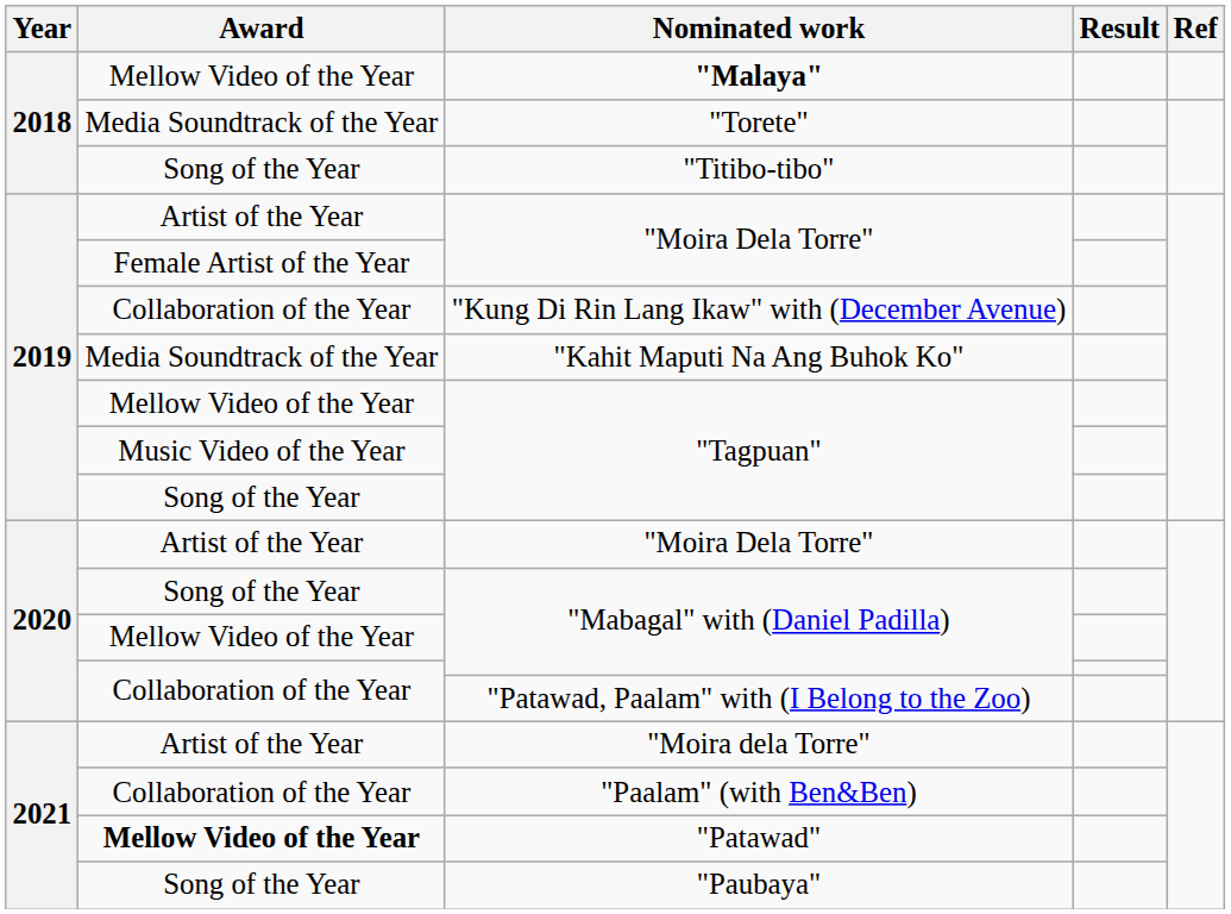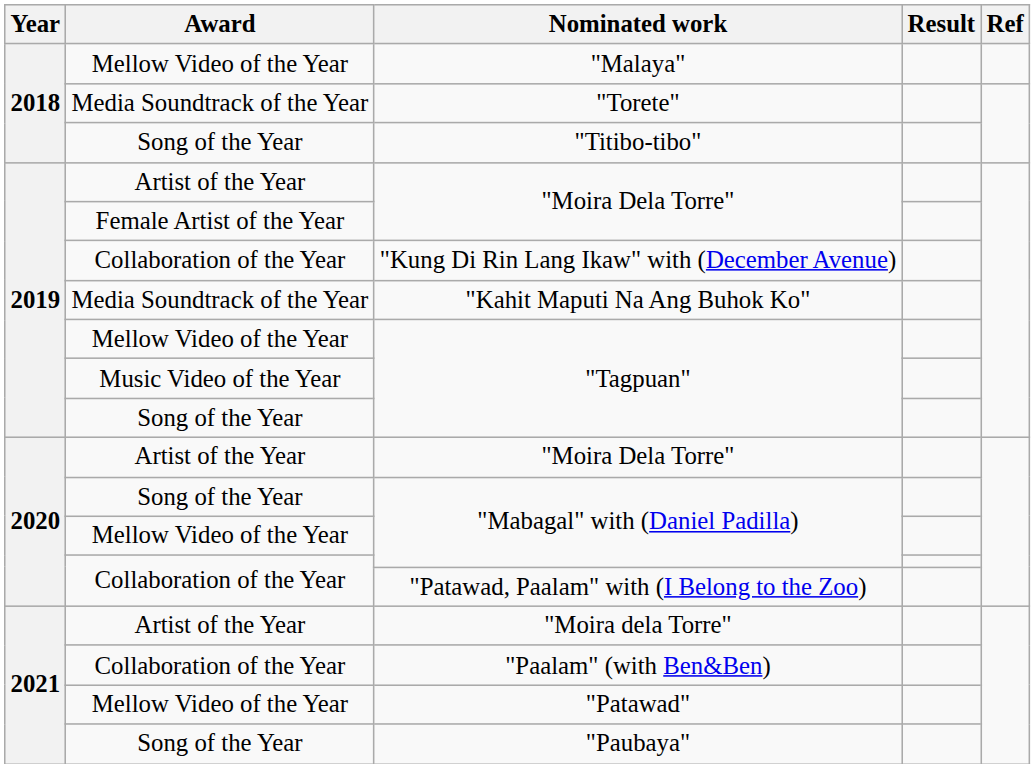 <table class="wikitable sortable" style=text-align:center>
 <tr>
 <th>Year</th>
 <th>Award</th>
 <th>Nominated work</th>
 <th>Result</th>
 <th>Ref</th>
 </tr>
 <tr>
 <th rowspan="3">2018</th>
 <td>Mellow Video of the Year</td>
-<td align=center><strong>"Malaya"</strong></td>
+<td align=center>"Malaya"</td>
 <td></td>
 <td></td>
 </tr>
 <tr>
 <td>Media Soundtrack of the Year</td>
 <td align=center>"Torete"</td>
 <td></td>
 <td rowspan="2"></td>
 </tr>
 <tr>
 <td>Song of the Year</td>
 <td align=center>"Titibo-tibo"</td>
 <td></td>
 </tr>
 <tr>
 <th rowspan="7">2019</th>
 <td>Artist of the Year</td>
 <td align=center rowspan="2">"Moira Dela Torre"</td>
 <td></td>
 <td rowspan="7"></td>
 </tr>
 <tr>
 <td>Female Artist of the Year</td>
 <td></td>
 </tr>
 <tr>
 <td>Collaboration of the Year</td>
 <td align=center>"Kung Di Rin Lang Ikaw" with (<a href='#'>December Avenue</a>)</td>
 <td></td>
 </tr>
 <tr>
 <td>Media Soundtrack of the Year</td>
 <td align=center>"Kahit Maputi Na Ang Buhok Ko"</td>
 <td></td>
 </tr>
 <tr>
 <td>Mellow Video of the Year</td>
 <td align=center rowspan="3">"Tagpuan"</td>
 <td></td>
 </tr>
 <tr>
 <td>Music Video of the Year</td>
 <td></td>
 </tr>
 <tr>
 <td>Song of the Year</td>
 <td></td>
 </tr>
 <tr>
 <th rowspan="5">2020</th>
 <td>Artist of the Year</td>
 <td align=center>"Moira Dela Torre"</td>
 <td></td>
 <td rowspan="5"></td>
 </tr>
 <tr>
 <td>Song of the Year</td>
 <td align=center rowspan="3">"Mabagal" with (<a href='#'>Daniel Padilla</a>)</td>
 <td></td>
 </tr>
 <tr>
 <td>Mellow Video of the Year</td>
 <td></td>
 </tr>
 <tr>
 <td rowspan="2">Collaboration of the Year</td>
 <td></td>
 </tr>
 <tr>
 <td align=center>"Patawad, Paalam" with (<a href='#'>I Belong to the Zoo</a>)</td>
 <td></td>
 </tr>
 <tr>
 <th rowspan="4">2021</th>
 <td>Artist of the Year</td>
 <td align=center>"Moira dela Torre"</td>
 <td></td>
 <td rowspan="4"></td>
 </tr>
 <tr>
 <td>Collaboration of the Year</td>
 <td align=center>"Paalam" (with <a href='#'>Ben&Ben</a>)</td>
 <td></td>
 </tr>
 <tr>
-<td><strong>Mellow Video of the Year</strong></td>
+<td>Mellow Video of the Year</td>
 <td align=center>"Patawad"</td>
 <td></td>
 </tr>
 <tr>
 <td>Song of the Year</td>
 <td align=center>"Paubaya"</td>
 <td></td>
 </tr>
 </table>
